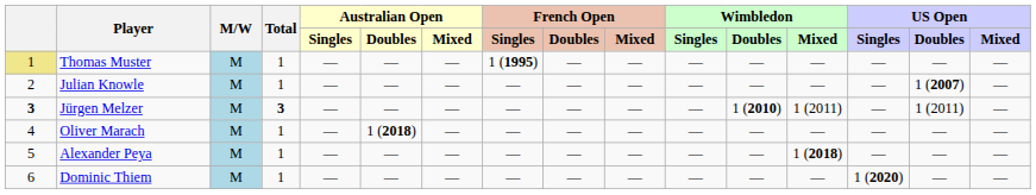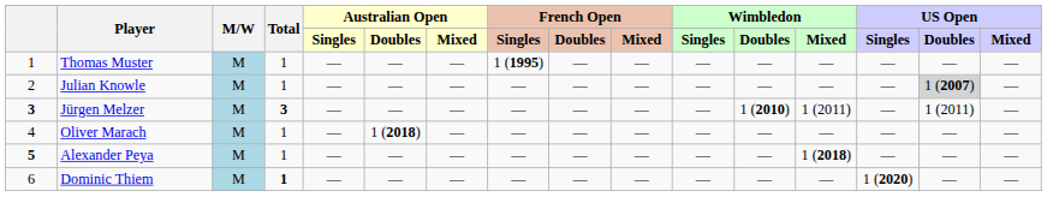 <table class="wikitable mw-datatable sortable" style="text-align:center;">
 <tr>
 <th data-sort-type="number" width="5%" rowspan="2"></th>
 <th width="15%" rowspan="2">Player</th>
 <th width="5%"  rowspan="2">M/W</th>
 <th rowspan="2">Total</th>
 <th colspan="3" style="background:#ffc;">Australian Open</th>
 <th colspan="3" style="background:#ebc2af;">French Open</th>
 <th colspan="3" style="background:#cfc;">Wimbledon</th>
 <th colspan="3" style="background:#ccf;">US Open</th>
 </tr>
 <tr>
 <th style="background:#ffc; width:60px;">Singles</th>
 <th style="background:#ffc; width:60px;">Doubles</th>
 <th style="background:#ffc; width:60px;">Mixed</th>
 <th style="background:#ebc2af; width:60px;">Singles</th>
 <th style="background:#ebc2af; width:60px;">Doubles</th>
 <th style="background:#ebc2af; width:60px;">Mixed</th>
 <th style="background:#cfc; width:60px;">Singles</th>
 <th style="background:#cfc; width:60px;">Doubles</th>
 <th style="background:#cfc; width:60px;">Mixed</th>
 <th style="background:#ccf; width:60px;">Singles</th>
 <th style="background:#ccf; width:60px;">Doubles</th>
 <th style="background:#ccf; width:60px;">Mixed</th>
 </tr>
 <tr>
-<td style="background: khaki;">1</td>
+<td>1</td>
 <td style="text-align:left"><a href='#'>Thomas Muster</a></td>
 <td style="background:lightblue;">M</td>
 <td>1</td>
 <td>—</td>
 <td>—</td>
 <td>—</td>
 <td>1 (<strong>1995</strong>)</td>
 <td>—</td>
 <td>—</td>
 <td>—</td>
 <td>—</td>
 <td>—</td>
 <td>—</td>
 <td>—</td>
 <td>—</td>
 </tr>
 <tr>
 <td>2</td>
 <td style="text-align:left"><a href='#'>Julian Knowle</a></td>
 <td style="background:lightblue;">M</td>
 <td>1</td>
 <td>—</td>
 <td>—</td>
 <td>—</td>
 <td>—</td>
 <td>—</td>
 <td>—</td>
 <td>—</td>
 <td>—</td>
 <td>—</td>
 <td>—</td>
-<td>1 (<strong>2007</strong>)</td>
+<td style="background: lightgrey;">1 (<strong>2007</strong>)</td>
 <td>—</td>
 </tr>
 <tr>
 <td><strong>3</strong></td>
 <td style="text-align:left"><a href='#'>Jürgen Melzer</a></td>
 <td style="background:lightblue;">M</td>
 <td><strong>3</strong></td>
 <td>—</td>
 <td>—</td>
 <td>—</td>
 <td>—</td>
 <td>—</td>
 <td>—</td>
 <td>—</td>
 <td>1 (<strong>2010</strong>)</td>
 <td>1 (2011)</td>
 <td>—</td>
 <td>1 (2011)</td>
 <td>—</td>
 </tr>
 <tr>
 <td>4</td>
 <td style="text-align:left"><a href='#'>Oliver Marach</a></td>
 <td style="background:lightblue;">M</td>
 <td>1</td>
 <td>—</td>
 <td>1 (<strong>2018</strong>)</td>
 <td>—</td>
 <td>—</td>
 <td>—</td>
 <td>—</td>
 <td>—</td>
 <td>—</td>
 <td>—</td>
 <td>—</td>
 <td>—</td>
 <td>—</td>
 </tr>
 <tr>
-<td>5</td>
+<td><strong>5</strong></td>
 <td style="text-align:left"><a href='#'>Alexander Peya</a></td>
 <td style="background:lightblue;">M</td>
 <td>1</td>
 <td>—</td>
 <td>—</td>
 <td>—</td>
 <td>—</td>
 <td>—</td>
 <td>—</td>
 <td>—</td>
 <td>—</td>
 <td>1 (<strong>2018</strong>)</td>
 <td>—</td>
 <td>—</td>
 <td>—</td>
 </tr>
 <tr>
 <td>6</td>
 <td style="text-align:left"><a href='#'>Dominic Thiem</a></td>
 <td style="background:lightblue;">M</td>
-<td>1</td>
+<td><strong>1</strong></td>
 <td>—</td>
 <td>—</td>
 <td>—</td>
 <td>—</td>
 <td>—</td>
 <td>—</td>
 <td>—</td>
 <td>—</td>
 <td>—</td>
 <td>1 (<strong>2020</strong>)</td>
 <td>—</td>
 <td>—</td>
 </tr>
 </table>
